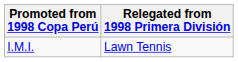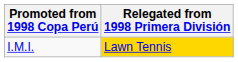 <table class="wikitable">
 <tr>
 <th>Promoted from<br><a href='#'>1998 Copa Perú</a></th>
 <th>Relegated from<br><a href='#'>1998 Primera División</a></th>
 </tr>
 <tr>
 <td> <a href='#'>I.M.I.</a> </td>
-<td> <a href='#'>Lawn Tennis</a> </td>
+<td style="background: gold;"> <a href='#'>Lawn Tennis</a> </td>
 </tr>
 </table>
